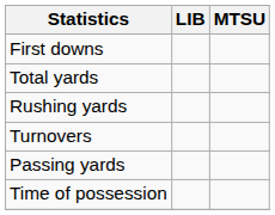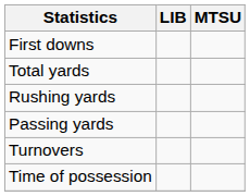 <table class="wikitable">
 <tr>
 <th>Statistics</th>
 <th>LIB</th>
 <th>MTSU</th>
 </tr>
 <tr>
 <td>First downs</td>
 <td></td>
 <td></td>
 </tr>
 <tr>
 <td>Total yards</td>
 <td></td>
 <td></td>
 </tr>
 <tr>
 <td>Rushing yards</td>
 <td></td>
 <td></td>
 </tr>
 <tr>
-<td>Turnovers</td>
+<td>Passing yards</td>
 <td></td>
 <td></td>
 </tr>
 <tr>
-<td>Passing yards</td>
+<td>Turnovers</td>
 <td></td>
 <td></td>
 </tr>
 <tr>
 <td>Time of possession</td>
 <td></td>
 <td></td>
 </tr>
 <tr>
 </tr>
 </table>
